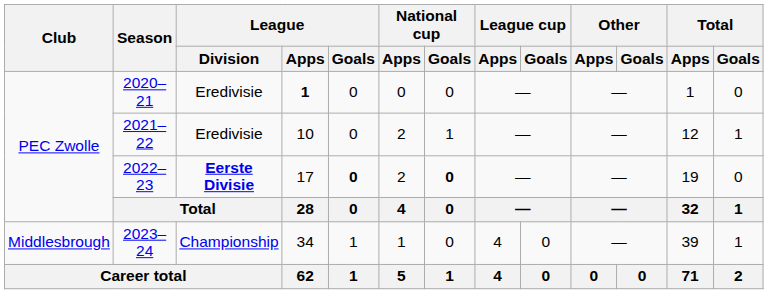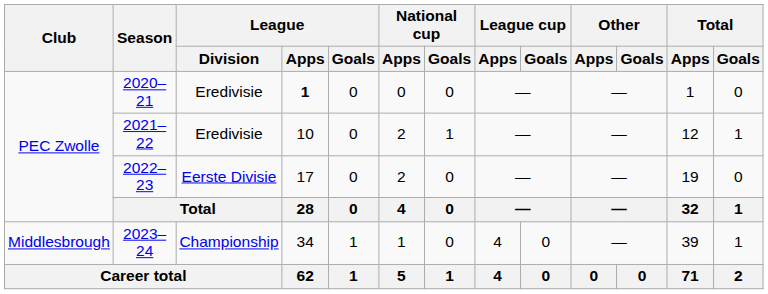 <table class="wikitable" style="text-align: center;">
 <tr>
 <th rowspan="2">Club</th>
 <th rowspan="2">Season</th>
 <th colspan="3">League</th>
 <th colspan="2">National cup</th>
 <th colspan="2">League cup</th>
 <th colspan="2">Other</th>
 <th colspan="2">Total</th>
 </tr>
 <tr>
 <th>Division</th>
 <th>Apps</th>
 <th>Goals</th>
 <th>Apps</th>
 <th>Goals</th>
 <th>Apps</th>
 <th>Goals</th>
 <th>Apps</th>
 <th>Goals</th>
 <th>Apps</th>
 <th>Goals</th>
 </tr>
 <tr>
 <td rowspan=4><a href='#'>PEC Zwolle</a></td>
 <td><a href='#'>2020–21</a></td>
 <td>Eredivisie</td>
 <td><strong>1</strong></td>
 <td>0</td>
 <td>0</td>
 <td>0</td>
 <td colspan=2>—</td>
 <td colspan=2>—</td>
 <td>1</td>
 <td>0</td>
 </tr>
 <tr>
 <td><a href='#'>2021–22</a></td>
 <td>Eredivisie</td>
 <td>10</td>
 <td>0</td>
 <td>2</td>
 <td>1</td>
 <td colspan=2>—</td>
 <td colspan=2>—</td>
 <td>12</td>
 <td>1</td>
 </tr>
 <tr>
 <td><a href='#'>2022–23</a></td>
-<td><strong><a href='#'>Eerste Divisie</a></strong></td>
+<td><a href='#'>Eerste Divisie</a></td>
 <td>17</td>
-<td><strong>0</strong></td>
+<td>0</td>
 <td>2</td>
-<td><strong>0</strong></td>
+<td>0</td>
 <td colspan=2>—</td>
 <td colspan=2>—</td>
 <td>19</td>
 <td>0</td>
 </tr>
 <tr>
 <th colspan=2>Total</th>
 <th>28</th>
 <th>0</th>
 <th>4</th>
 <th>0</th>
 <th colspan=2>—</th>
 <th colspan=2>—</th>
 <th>32</th>
 <th>1</th>
 </tr>
 <tr>
 <td><a href='#'>Middlesbrough</a></td>
 <td><a href='#'>2023–24</a></td>
 <td><a href='#'>Championship</a></td>
 <td>34</td>
 <td>1</td>
 <td>1</td>
 <td>0</td>
 <td>4</td>
 <td>0</td>
 <td colspan=2>—</td>
 <td>39</td>
 <td>1</td>
 </tr>
 <tr>
 <th colspan="3">Career total</th>
 <th>62</th>
 <th>1</th>
 <th>5</th>
 <th>1</th>
 <th>4</th>
 <th>0</th>
 <th>0</th>
 <th>0</th>
 <th>71</th>
 <th>2</th>
 </tr>
 </table>
